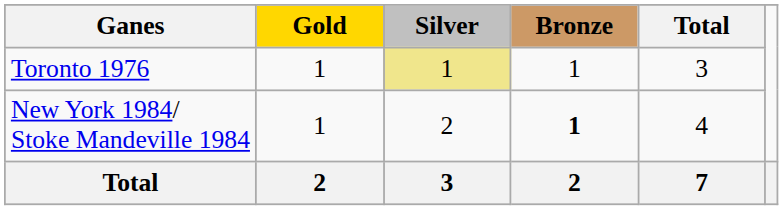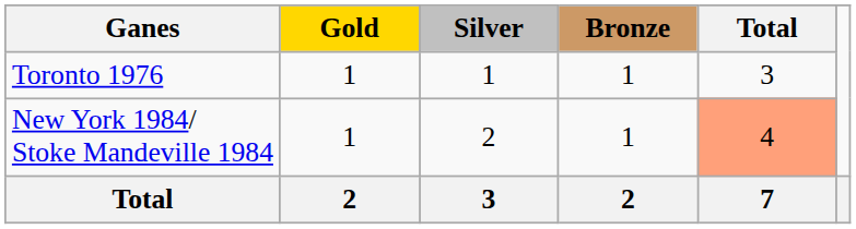 <table class="wikitable" style="text-align:center; font-size:90%;">
 <tr>
 <th>Ganes</th>
 <td style="background:gold; width:4.5em; font-weight:bold;">Gold</td>
 <td style="background:silver; width:4.5em; font-weight:bold;">Silver</td>
 <td style="background:#cc9966; width:4.5em; font-weight:bold;">Bronze</td>
 <th style="width:4.5em; font-weight:bold;">Total</th>
 </tr>
 <tr>
 <td align=left> <a href='#'>Toronto 1976</a></td>
 <td>1</td>
-<td style="background: khaki;">1</td>
+<td>1</td>
 <td>1</td>
 <td>3</td>
 </tr>
 <tr>
 <td align=left> <a href='#'>New York 1984</a>/<br>  <a href='#'>Stoke Mandeville 1984</a></td>
 <td>1</td>
 <td>2</td>
-<td><strong>1</strong></td>
-<td>4</td>
+<td>1</td>
+<td style="background: lightsalmon;">4</td>
 </tr>
 <tr>
 <th>Total</th>
 <th>2</th>
 <th>3</th>
 <th>2</th>
 <th>7</th>
 <th></th>
 </tr>
 </table>
